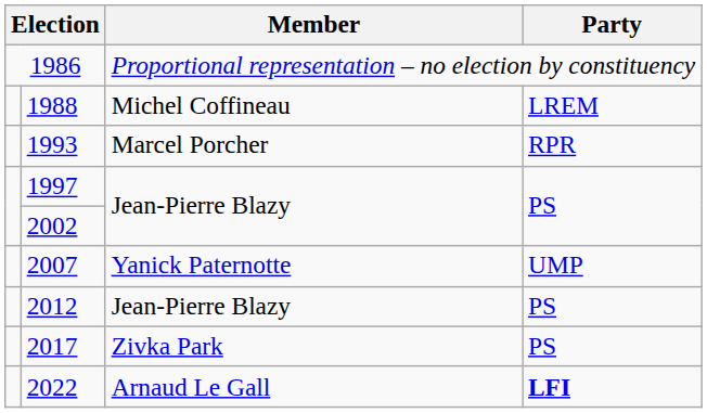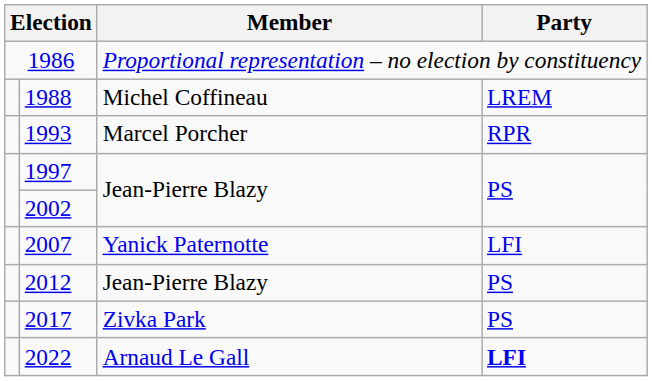 <table class="wikitable">
 <tr>
 <th colspan="2">Election</th>
 <th>Member</th>
 <th>Party</th>
 </tr>
 <tr>
 <td colspan="2" align="center"><a href='#'>1986</a></td>
 <td colspan="2"><em><a href='#'>Proportional representation</a> – no election by constituency</em></td>
 </tr>
 <tr>
 <td style="color:inherit;background-color: "></td>
 <td><a href='#'>1988</a></td>
 <td>Michel Coffineau</td>
 <td><a href='#'>LREM</a></td>
 </tr>
 <tr>
 <td style="color:inherit;background-color: "></td>
 <td><a href='#'>1993</a></td>
 <td>Marcel Porcher</td>
 <td><a href='#'>RPR</a></td>
 </tr>
 <tr>
 <td rowspan="2" style="color:inherit;background-color: "></td>
 <td><a href='#'>1997</a></td>
 <td rowspan="2">Jean-Pierre Blazy</td>
 <td rowspan="2"><a href='#'>PS</a></td>
 </tr>
 <tr>
 <td><a href='#'>2002</a></td>
 </tr>
 <tr>
 <td style="color:inherit;background-color: "></td>
 <td><a href='#'>2007</a></td>
 <td><a href='#'>Yanick Paternotte</a></td>
-<td><a href='#'>UMP</a></td>
+<td><a href='#'>LFI</a></td>
 </tr>
 <tr>
 <td style="color:inherit;background-color: "></td>
 <td><a href='#'>2012</a></td>
 <td>Jean-Pierre Blazy</td>
 <td><a href='#'>PS</a></td>
 </tr>
 <tr>
 <td style="color:inherit;background-color: "></td>
 <td><a href='#'>2017</a></td>
 <td><a href='#'>Zivka Park</a></td>
 <td><a href='#'>PS</a></td>
 </tr>
 <tr>
 <td style="color:inherit;background-color: "></td>
 <td><a href='#'>2022</a></td>
 <td><a href='#'>Arnaud Le Gall</a></td>
 <td><strong><a href='#'>LFI</a></strong></td>
 </tr>
 </table>
